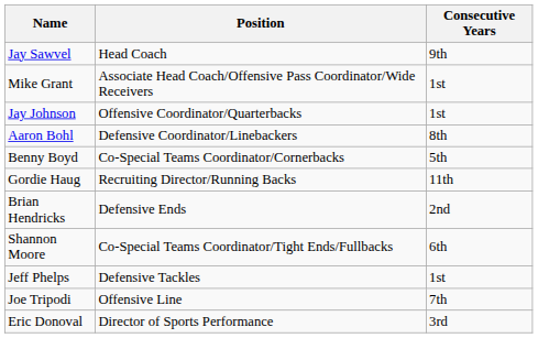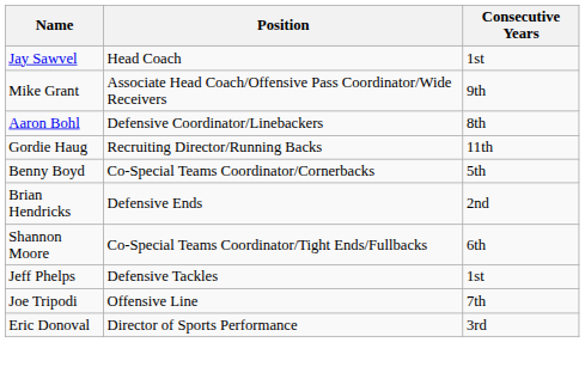 <table class="wikitable sortable">
 <tr>
 <th style="text-align:center; ">Name</th>
 <th style="text-align:center; ">Position</th>
 <th style="text-align:center; ">Consecutive Years</th>
 </tr>
 <tr>
 <td><a href='#'>Jay Sawvel</a></td>
 <td>Head Coach</td>
-<td>9th</td>
+<td>1st</td>
 </tr>
 <tr>
 <td>Mike Grant</td>
 <td>Associate Head Coach/Offensive Pass Coordinator/Wide Receivers</td>
-<td>1st</td>
-</tr>
-<tr>
-<td><a href='#'>Jay Johnson</a></td>
-<td>Offensive Coordinator/Quarterbacks</td>
-<td>1st</td>
+<td>9th</td>
 </tr>
 <tr>
 <td><a href='#'>Aaron Bohl</a></td>
 <td>Defensive Coordinator/Linebackers</td>
 <td>8th</td>
 </tr>
 <tr>
+<td>Gordie Haug</td>
+<td>Recruiting Director/Running Backs</td>
+<td>11th</td>
+</tr>
+<tr>
 <td>Benny Boyd</td>
 <td>Co-Special Teams Coordinator/Cornerbacks</td>
 <td>5th</td>
-</tr>
-<tr>
-<td>Gordie Haug</td>
-<td>Recruiting Director/Running Backs</td>
-<td>11th</td>
 </tr>
 <tr>
 <td>Brian Hendricks</td>
 <td>Defensive Ends</td>
 <td>2nd</td>
 </tr>
 <tr>
 <td>Shannon Moore</td>
 <td>Co-Special Teams Coordinator/Tight Ends/Fullbacks</td>
 <td>6th</td>
 </tr>
 <tr>
 <td>Jeff Phelps</td>
 <td>Defensive Tackles</td>
 <td>1st</td>
 </tr>
 <tr>
 <td>Joe Tripodi</td>
 <td>Offensive Line</td>
 <td>7th</td>
 </tr>
 <tr>
 <td>Eric Donoval</td>
 <td>Director of Sports Performance</td>
 <td>3rd</td>
 </tr>
 </table>
